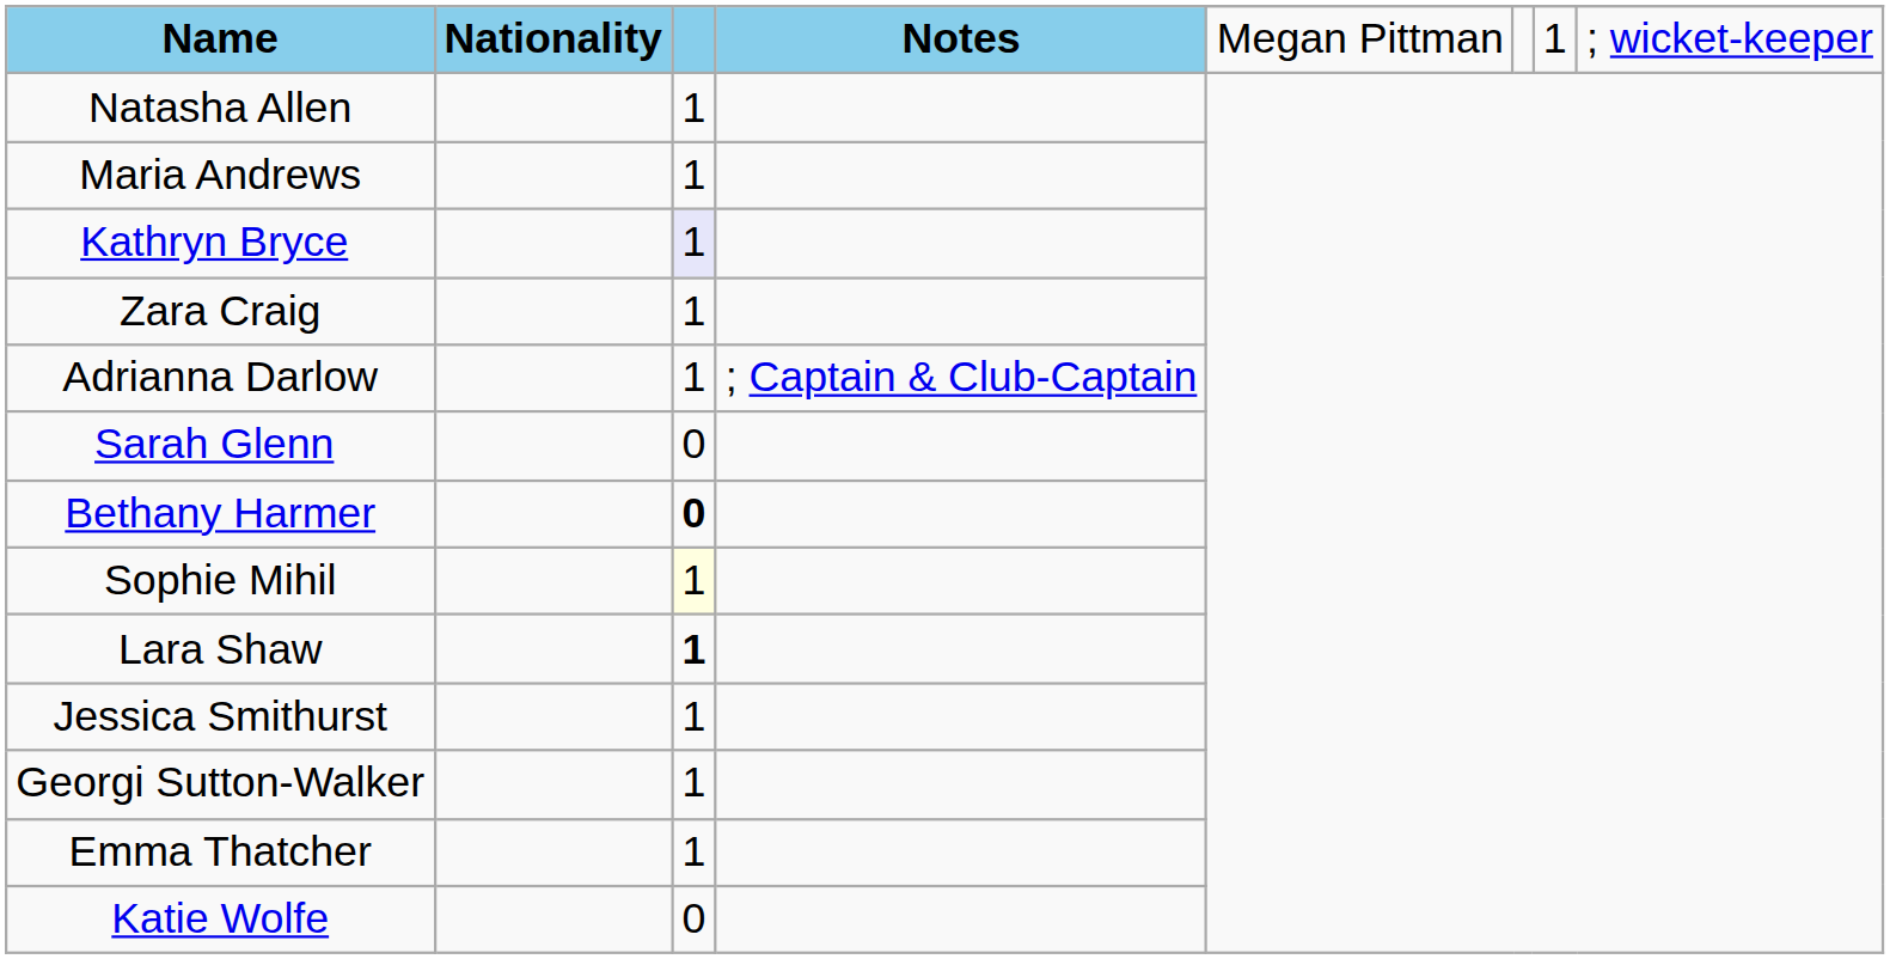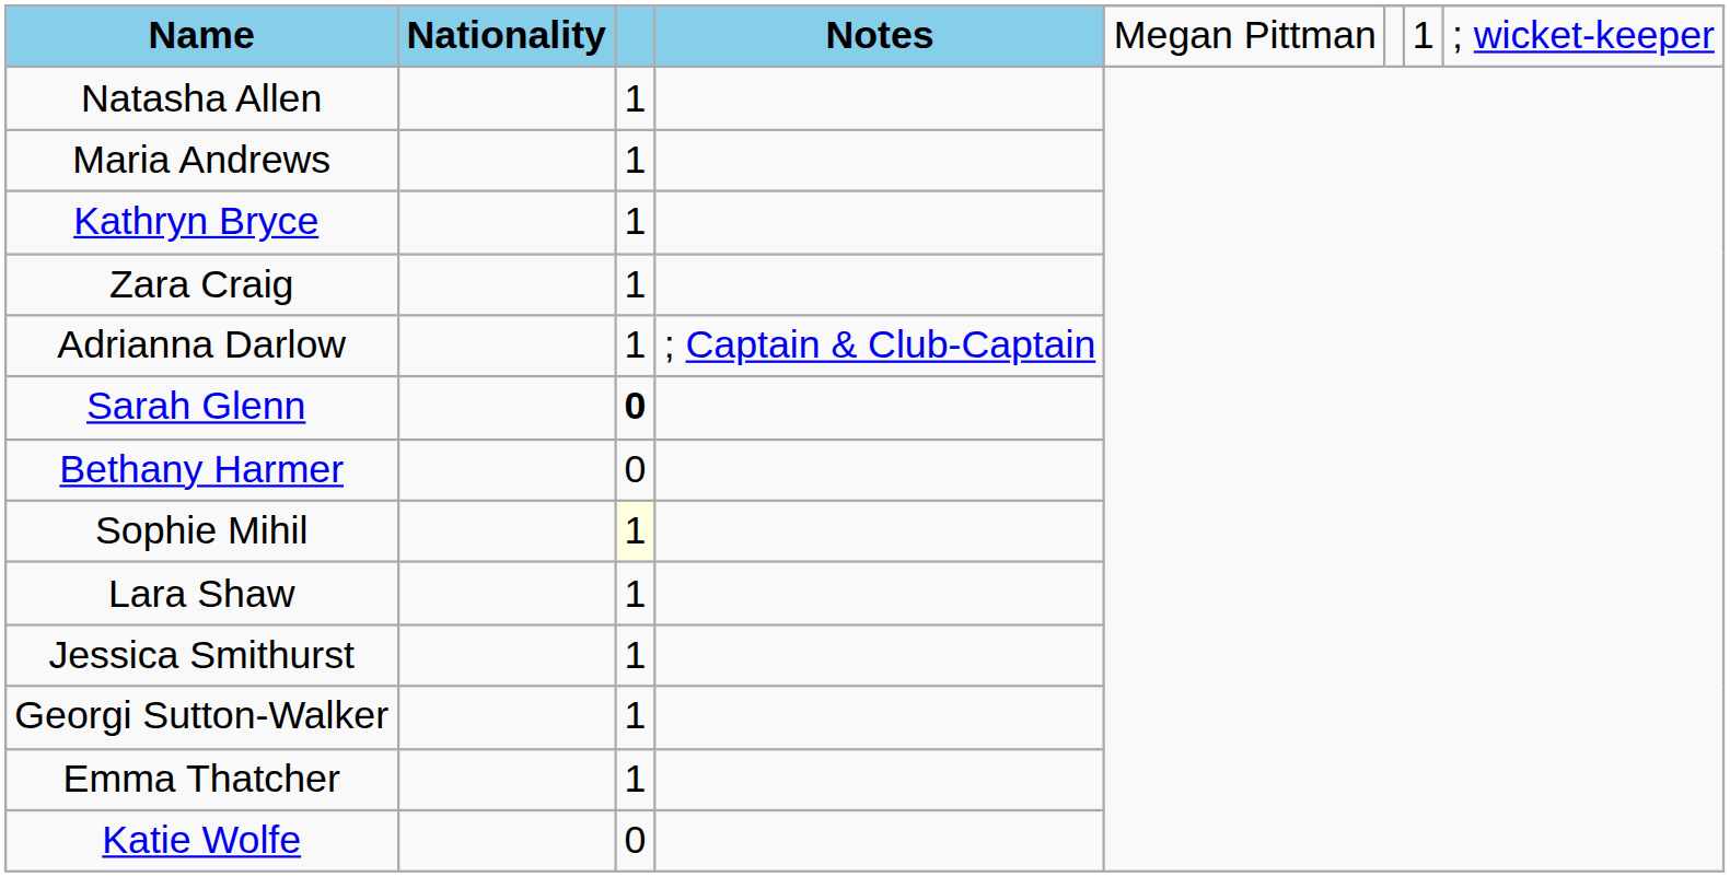 <table class="wikitable sortable">
 <tr>
 <th style="background:skyblue; color:black" scope="col" rowspan="2">Name</th>
 <th style="background:skyblue; color:black" scope="col" rowspan="2">Nationality</th>
 <th style="background:skyblue; color:black" scope="col" rowspan="2"></th>
 <th style="background:skyblue; color:black" scope="col" rowspan="2">Notes</th>
 </tr>
 <tr>
 <td style="text-align:center">Megan Pittman</td>
 <td></td>
 <td>1</td>
 <td>; <a href='#'>wicket-keeper</a></td>
 </tr>
 <tr>
 <td style="text-align:center">Natasha Allen</td>
 <td></td>
 <td>1</td>
 <td></td>
 </tr>
 <tr>
 <td style="text-align:center">Maria Andrews</td>
 <td></td>
 <td>1</td>
 <td></td>
 </tr>
 <tr>
 <td style="text-align:center"><a href='#'>Kathryn Bryce</a> </td>
 <td></td>
-<td style="background: lavender;">1</td>
+<td>1</td>
 <td></td>
 </tr>
 <tr>
 <td style="text-align:center">Zara Craig</td>
 <td></td>
 <td>1</td>
 <td></td>
 </tr>
 <tr>
 <td style="text-align:center">Adrianna Darlow</td>
 <td></td>
 <td>1</td>
 <td>; <a href='#'>Captain & Club-Captain</a></td>
 </tr>
 <tr>
 <td style="text-align:center"><a href='#'>Sarah Glenn</a> </td>
 <td></td>
-<td>0</td>
+<td><strong>0</strong></td>
 <td></td>
 </tr>
 <tr>
 <td style="text-align:center"><a href='#'>Bethany Harmer</a></td>
 <td></td>
-<td><strong>0</strong></td>
+<td>0</td>
 <td></td>
 </tr>
 <tr>
 <td style="text-align:center">Sophie Mihil</td>
 <td></td>
 <td style="background: lightyellow;">1</td>
 <td></td>
 </tr>
 <tr>
 <td style="text-align:center">Lara Shaw</td>
 <td></td>
-<td><strong>1</strong></td>
+<td>1</td>
 <td></td>
 </tr>
 <tr>
 <td style="text-align:center">Jessica Smithurst</td>
 <td></td>
 <td>1</td>
 <td></td>
 </tr>
 <tr>
 <td style="text-align:center">Georgi Sutton-Walker</td>
 <td></td>
 <td>1</td>
 <td></td>
 </tr>
 <tr>
 <td style="text-align:center">Emma Thatcher</td>
 <td></td>
 <td>1</td>
 <td></td>
 </tr>
 <tr>
 <td style="text-align:center"><a href='#'>Katie Wolfe</a></td>
 <td></td>
 <td>0</td>
 <td></td>
 </tr>
 </table>
